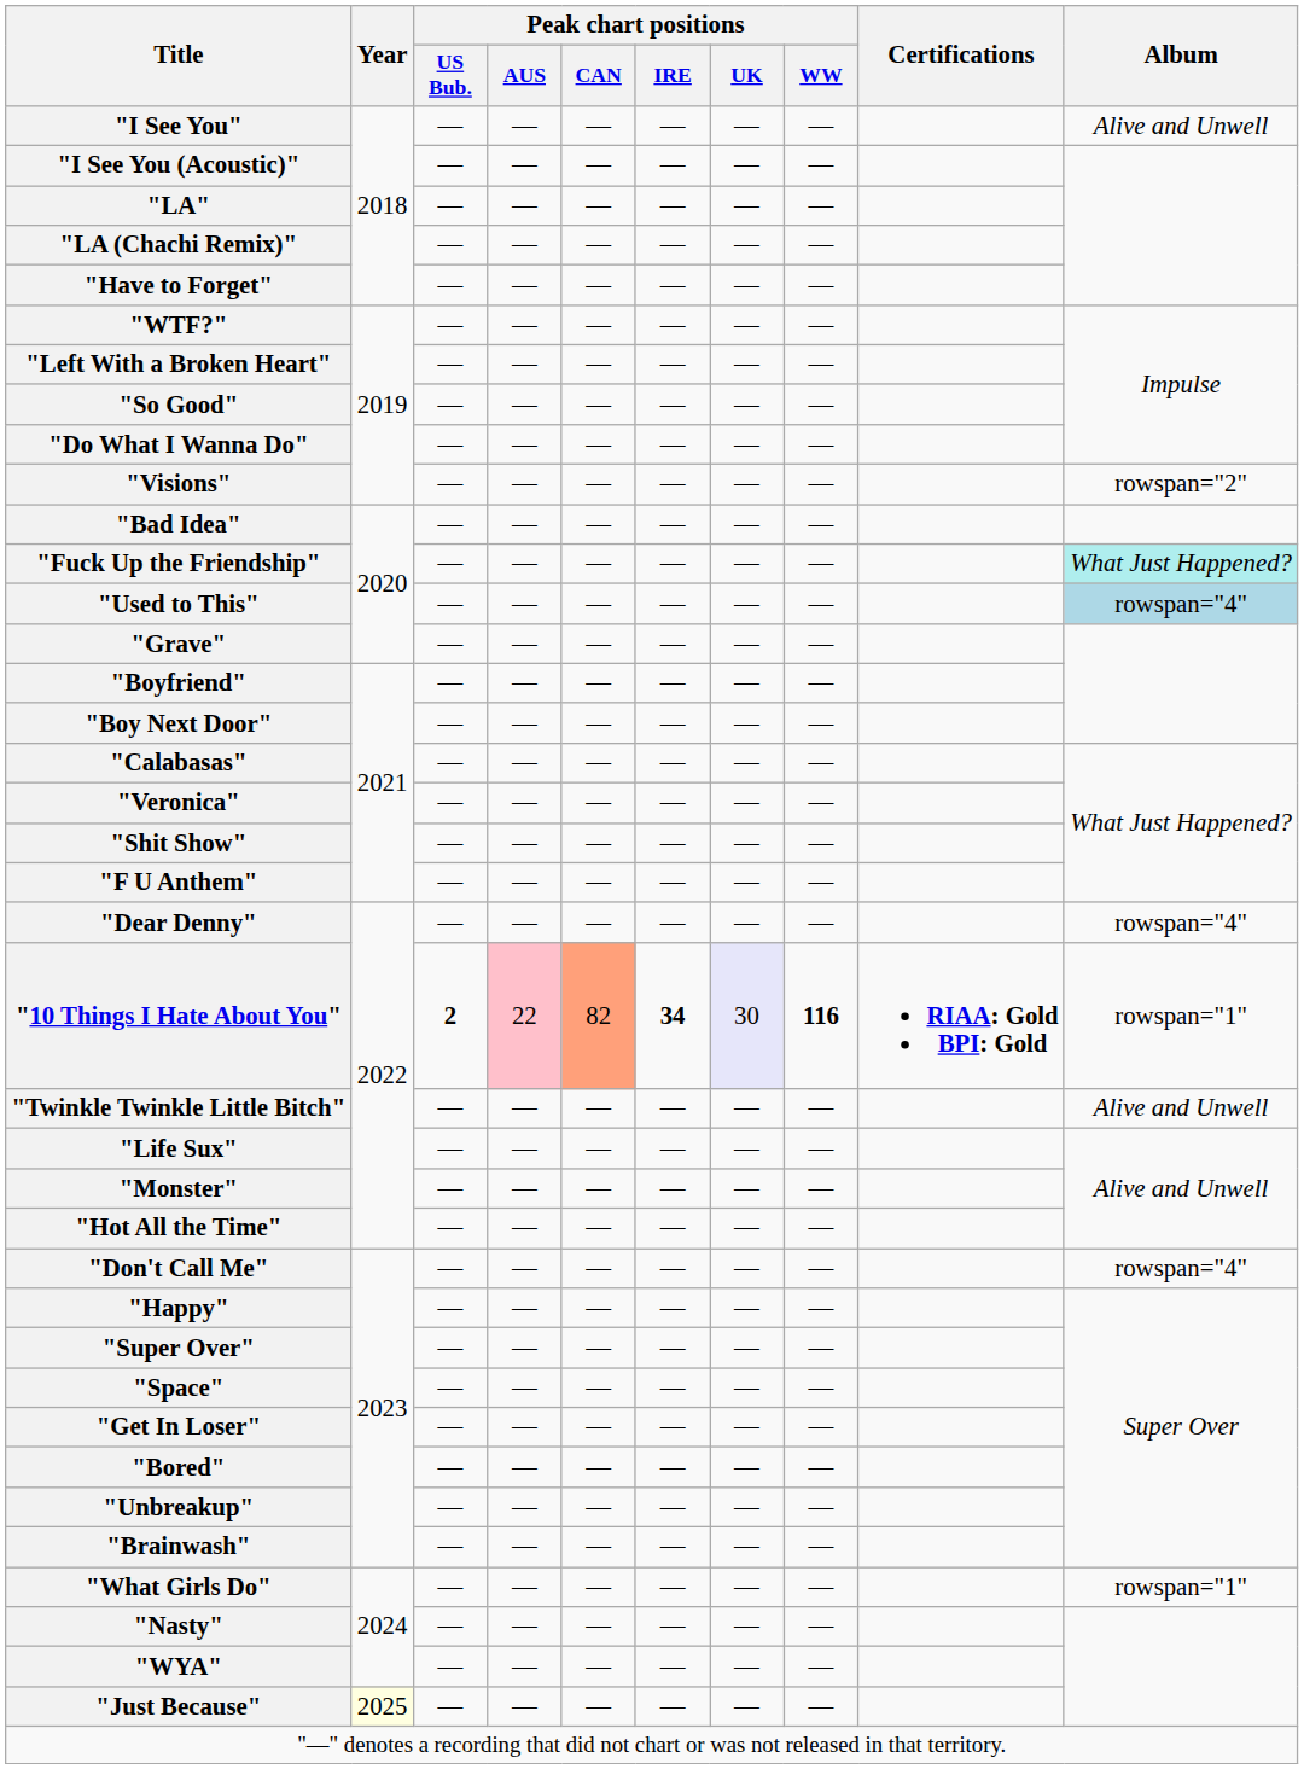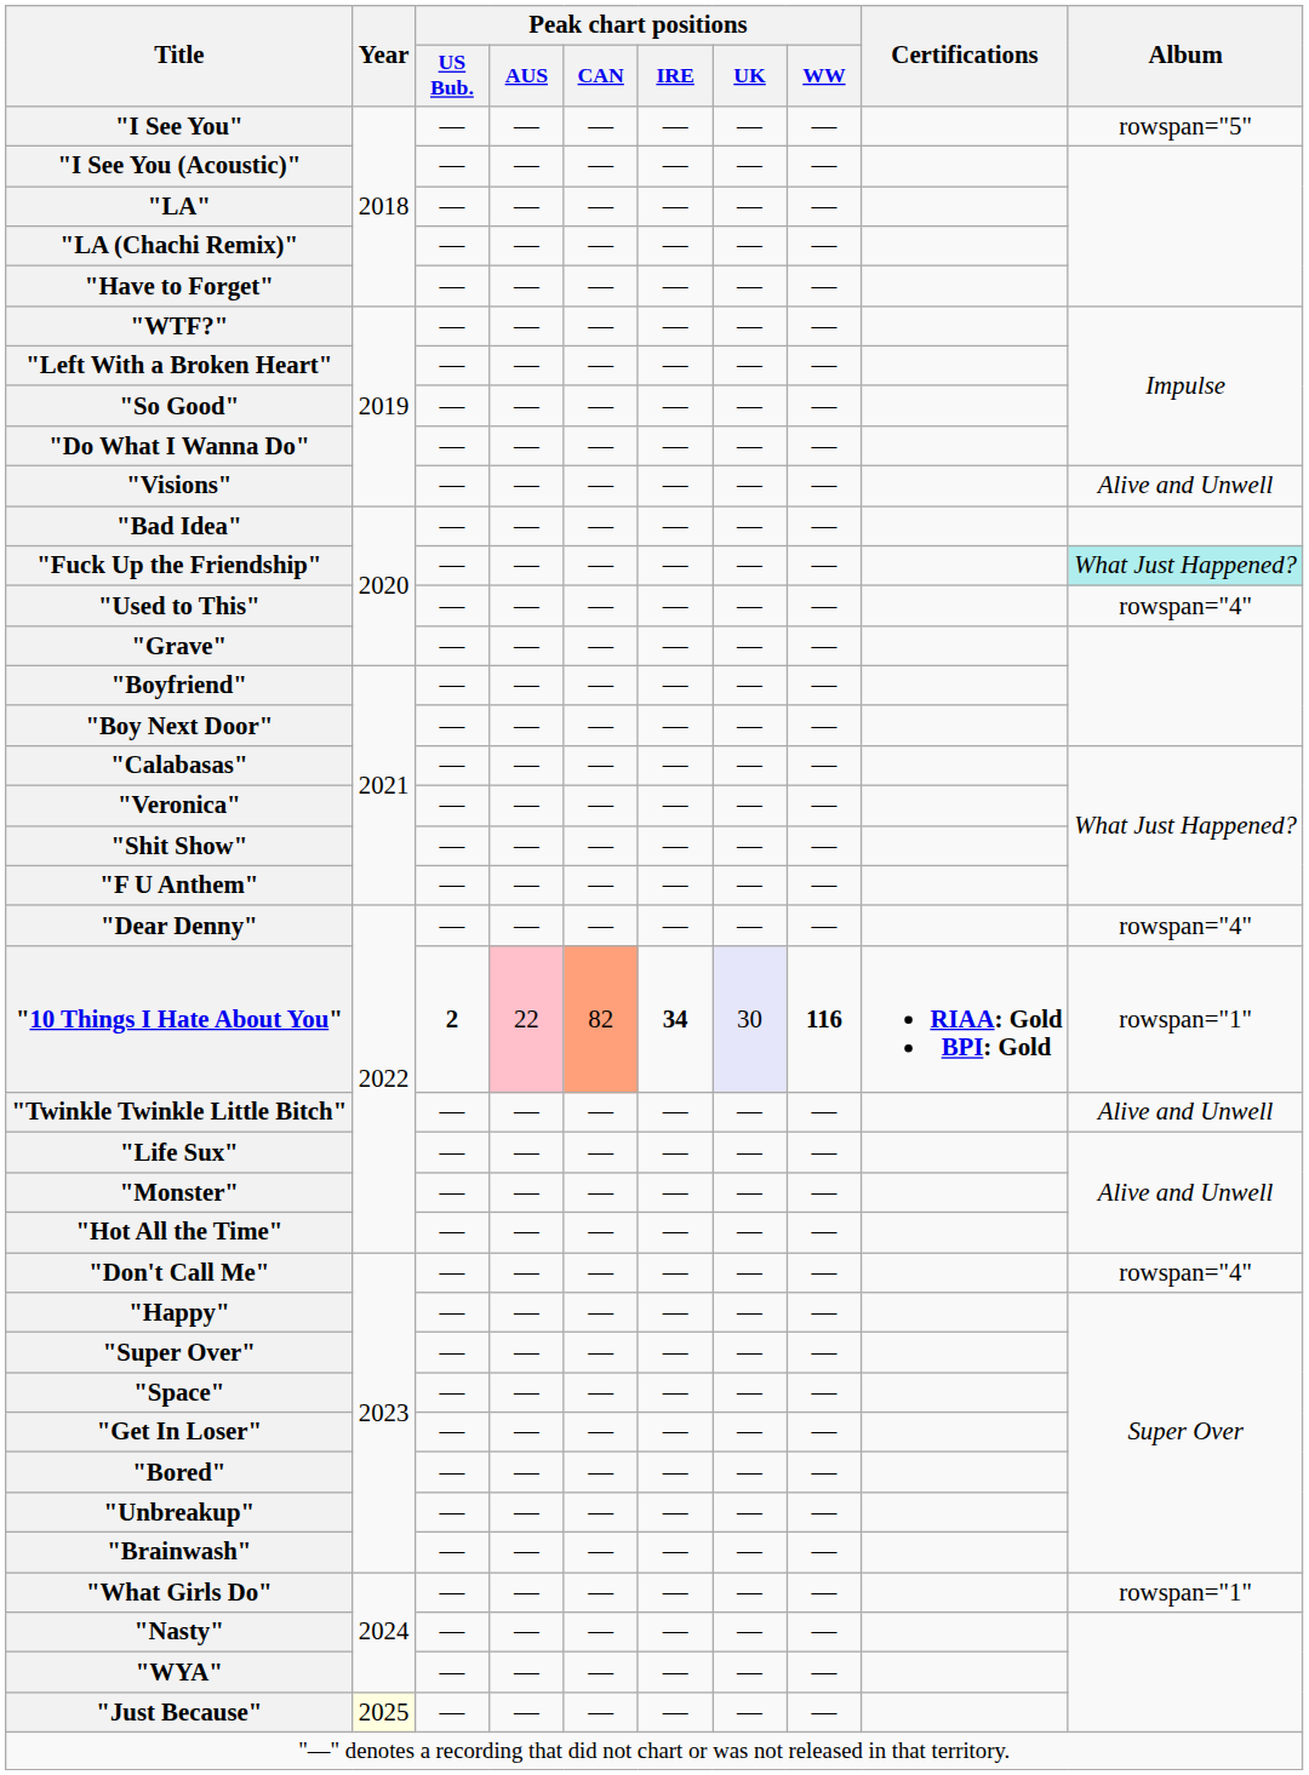 <table class="wikitable plainrowheaders" style="text-align:center;">
 <tr>
 <th scope="col" rowspan="2">Title</th>
 <th scope="col" rowspan="2">Year</th>
 <th scope="col" colspan="6">Peak chart positions</th>
 <th scope="col" rowspan="2">Certifications</th>
 <th scope="col" rowspan="2">Album</th>
 </tr>
 <tr>
 <th scope="col" style="width:3em;font-size:85%;"><a href='#'>US<br>Bub.</a><br></th>
 <th scope="col" style="width:3em;font-size:85%;"><a href='#'>AUS</a><br></th>
 <th scope="col" style="width:3em;font-size:85%;"><a href='#'>CAN</a><br></th>
 <th scope="col" style="width:3em;font-size:85%;"><a href='#'>IRE</a><br></th>
 <th scope="col" style="width:3em;font-size:85%;"><a href='#'>UK</a><br></th>
 <th scope="col" style="width:3em;font-size:85%;"><a href='#'>WW</a><br></th>
 </tr>
 <tr>
 <th scope="row">"I See You"</th>
 <td rowspan="5">2018</td>
 <td>—</td>
 <td>—</td>
 <td>—</td>
 <td>—</td>
 <td>—</td>
 <td>—</td>
 <td></td>
-<td rowspan="1"><em>Alive and Unwell</em></td>
+<td>rowspan="5" </td>
 </tr>
 <tr>
 <th scope="row">"I See You (Acoustic)"</th>
 <td>—</td>
 <td>—</td>
 <td>—</td>
 <td>—</td>
 <td>—</td>
 <td>—</td>
 <td></td>
 </tr>
 <tr>
 <th scope="row">"LA"</th>
 <td>—</td>
 <td>—</td>
 <td>—</td>
 <td>—</td>
 <td>—</td>
 <td>—</td>
 <td></td>
 </tr>
 <tr>
 <th scope="row">"LA (Chachi Remix)"</th>
 <td>—</td>
 <td>—</td>
 <td>—</td>
 <td>—</td>
 <td>—</td>
 <td>—</td>
 <td></td>
 </tr>
 <tr>
 <th scope="row">"Have to Forget"</th>
 <td>—</td>
 <td>—</td>
 <td>—</td>
 <td>—</td>
 <td>—</td>
 <td>—</td>
 <td></td>
 </tr>
 <tr>
 <th scope="row">"WTF?"</th>
 <td rowspan="5">2019</td>
 <td>—</td>
 <td>—</td>
 <td>—</td>
 <td>—</td>
 <td>—</td>
 <td>—</td>
 <td></td>
 <td rowspan="4"><em>Impulse</em></td>
 </tr>
 <tr>
 <th scope="row">"Left With a Broken Heart"</th>
 <td>—</td>
 <td>—</td>
 <td>—</td>
 <td>—</td>
 <td>—</td>
 <td>—</td>
 <td></td>
 </tr>
 <tr>
 <th scope="row">"So Good"</th>
 <td>—</td>
 <td>—</td>
 <td>—</td>
 <td>—</td>
 <td>—</td>
 <td>—</td>
 <td></td>
 </tr>
 <tr>
 <th scope="row">"Do What I Wanna Do"</th>
 <td>—</td>
 <td>—</td>
 <td>—</td>
 <td>—</td>
 <td>—</td>
 <td>—</td>
 <td></td>
 </tr>
 <tr>
 <th scope="row">"Visions" <br></th>
 <td>—</td>
 <td>—</td>
 <td>—</td>
 <td>—</td>
 <td>—</td>
 <td>—</td>
 <td></td>
-<td>rowspan="2" </td>
+<td rowspan="1"><em>Alive and Unwell</em></td>
 </tr>
 <tr>
 <th scope="row">"Bad Idea"</th>
 <td rowspan="4">2020</td>
 <td>—</td>
 <td>—</td>
 <td>—</td>
 <td>—</td>
 <td>—</td>
 <td>—</td>
 <td></td>
 </tr>
 <tr>
 <th scope="row">"Fuck Up the Friendship"</th>
 <td>—</td>
 <td>—</td>
 <td>—</td>
 <td>—</td>
 <td>—</td>
 <td>—</td>
 <td></td>
 <td style="background: paleturquoise;"><em>What Just Happened?</em></td>
 </tr>
 <tr>
 <th scope="row">"Used to This"</th>
 <td>—</td>
 <td>—</td>
 <td>—</td>
 <td>—</td>
 <td>—</td>
 <td>—</td>
 <td></td>
-<td style="background: lightblue;">rowspan="4" </td>
+<td>rowspan="4" </td>
 </tr>
 <tr>
 <th scope="row">"Grave"</th>
 <td>—</td>
 <td>—</td>
 <td>—</td>
 <td>—</td>
 <td>—</td>
 <td>—</td>
 <td></td>
 </tr>
 <tr>
 <th scope="row">"Boyfriend"</th>
 <td rowspan="6">2021</td>
 <td>—</td>
 <td>—</td>
 <td>—</td>
 <td>—</td>
 <td>—</td>
 <td>—</td>
 <td></td>
 </tr>
 <tr>
 <th scope="row">"Boy Next Door"</th>
 <td>—</td>
 <td>—</td>
 <td>—</td>
 <td>—</td>
 <td>—</td>
 <td>—</td>
 <td></td>
 </tr>
 <tr>
 <th scope="row">"Calabasas"</th>
 <td>—</td>
 <td>—</td>
 <td>—</td>
 <td>—</td>
 <td>—</td>
 <td>—</td>
 <td></td>
 <td rowspan="4"><em>What Just Happened?</em></td>
 </tr>
 <tr>
 <th scope="row">"Veronica"</th>
 <td>—</td>
 <td>—</td>
 <td>—</td>
 <td>—</td>
 <td>—</td>
 <td>—</td>
 <td></td>
 </tr>
 <tr>
 <th scope="row">"Shit Show"</th>
 <td>—</td>
 <td>—</td>
 <td>—</td>
 <td>—</td>
 <td>—</td>
 <td>—</td>
 <td></td>
 </tr>
 <tr>
 <th scope="row">"F U Anthem"</th>
 <td>—</td>
 <td>—</td>
 <td>—</td>
 <td>—</td>
 <td>—</td>
 <td>—</td>
 <td></td>
 </tr>
 <tr>
 <th scope="row">"Dear Denny"</th>
 <td rowspan="6">2022</td>
 <td>—</td>
 <td>—</td>
 <td>—</td>
 <td>—</td>
 <td>—</td>
 <td>—</td>
 <td></td>
 <td>rowspan="4" </td>
 </tr>
 <tr>
 <th scope="row">"<a href='#'>10 Things I Hate About You</a>"</th>
 <td><strong>2</strong></td>
 <td style="background: pink;">22</td>
 <td style="background: lightsalmon;">82</td>
 <td><strong>34</strong></td>
 <td style="background: lavender;">30</td>
 <td><strong>116</strong></td>
 <td><strong><br><ul><li><a href='#'>RIAA</a>: Gold</li><li><a href='#'>BPI</a>: Gold</li></ul></strong></td>
 <td>rowspan="1" </td>
 </tr>
 <tr>
 <th scope="row">"Twinkle Twinkle Little Bitch"</th>
 <td>—</td>
 <td>—</td>
 <td>—</td>
 <td>—</td>
 <td>—</td>
 <td>—</td>
 <td></td>
 <td rowspan="1"><em>Alive and Unwell</em></td>
 </tr>
 <tr>
 <th scope="row">"Life Sux"</th>
 <td>—</td>
 <td>—</td>
 <td>—</td>
 <td>—</td>
 <td>—</td>
 <td>—</td>
 <td></td>
 <td rowspan="3"><em>Alive and Unwell</em></td>
 </tr>
 <tr>
 <th scope="row">"Monster"</th>
 <td>—</td>
 <td>—</td>
 <td>—</td>
 <td>—</td>
 <td>—</td>
 <td>—</td>
 </tr>
 <tr>
 <th scope="row">"Hot All the Time"</th>
 <td>—</td>
 <td>—</td>
 <td>—</td>
 <td>—</td>
 <td>—</td>
 <td>—</td>
 <td></td>
 </tr>
 <tr>
 <th scope="row">"Don't Call Me"<br></th>
 <td rowspan="8">2023</td>
 <td>—</td>
 <td>—</td>
 <td>—</td>
 <td>—</td>
 <td>—</td>
 <td>—</td>
 <td></td>
 <td>rowspan="4" </td>
 </tr>
 <tr>
 <th scope="row">"Happy"</th>
 <td>—</td>
 <td>—</td>
 <td>—</td>
 <td>—</td>
 <td>—</td>
 <td>—</td>
 <td></td>
 <td rowspan="7"><em>Super Over</em></td>
 </tr>
 <tr>
 <th scope="row">"Super Over"</th>
 <td>—</td>
 <td>—</td>
 <td>—</td>
 <td>—</td>
 <td>—</td>
 <td>—</td>
 <td></td>
 </tr>
 <tr>
 <th scope="row">"Space"</th>
 <td>—</td>
 <td>—</td>
 <td>—</td>
 <td>—</td>
 <td>—</td>
 <td>—</td>
 <td></td>
 </tr>
 <tr>
 <th scope="row">"Get In Loser"</th>
 <td>—</td>
 <td>—</td>
 <td>—</td>
 <td>—</td>
 <td>—</td>
 <td>—</td>
 <td></td>
 </tr>
 <tr>
 <th scope="row">"Bored"</th>
 <td>—</td>
 <td>—</td>
 <td>—</td>
 <td>—</td>
 <td>—</td>
 <td>—</td>
 <td></td>
 </tr>
 <tr>
 <th scope="row">"Unbreakup"</th>
 <td>—</td>
 <td>—</td>
 <td>—</td>
 <td>—</td>
 <td>—</td>
 <td>—</td>
 <td></td>
 </tr>
 <tr>
 <th scope="row">"Brainwash"</th>
 <td>—</td>
 <td>—</td>
 <td>—</td>
 <td>—</td>
 <td>—</td>
 <td>—</td>
 <td></td>
 </tr>
 <tr>
 <th scope="row">"What Girls Do"</th>
 <td rowspan="3">2024</td>
 <td>—</td>
 <td>—</td>
 <td>—</td>
 <td>—</td>
 <td>—</td>
 <td>—</td>
 <td></td>
 <td>rowspan="1" </td>
 </tr>
 <tr>
 <th scope="row">"Nasty"</th>
 <td>—</td>
 <td>—</td>
 <td>—</td>
 <td>—</td>
 <td>—</td>
 <td>—</td>
 <td></td>
 </tr>
 <tr>
 <th scope="row">"WYA"<br></th>
 <td>—</td>
 <td>—</td>
 <td>—</td>
 <td>—</td>
 <td>—</td>
 <td>—</td>
 <td></td>
 </tr>
 <tr>
 <th scope="row">"Just Because"</th>
 <td rowspan="1" style="background: lightyellow;">2025</td>
 <td>—</td>
 <td>—</td>
 <td>—</td>
 <td>—</td>
 <td>—</td>
 <td>—</td>
 <td></td>
 </tr>
 <tr>
 <td colspan="10" style="font-size:90%">"—" denotes a recording that did not chart or was not released in that territory.</td>
 </tr>
 </table>
